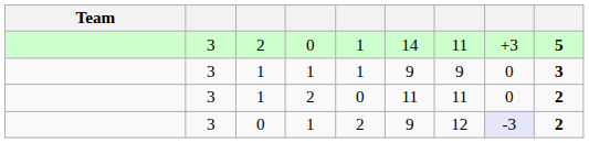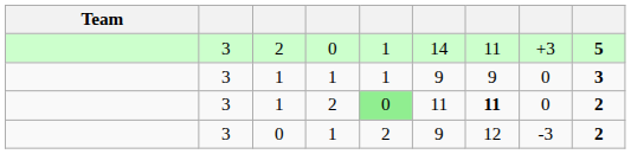 <table class="wikitable" style="text-align:center;">
 <tr>
 <th width=165>Team</th>
 <th width=40></th>
 <th width=40></th>
 <th width=40></th>
 <th width=40></th>
 <th width=40></th>
 <th width=40></th>
 <th width=40></th>
 <th width=40></th>
 </tr>
 <tr bgcolor="ccffcc">
 <td style="text-align:left;"></td>
 <td>3</td>
 <td>2</td>
 <td>0</td>
 <td>1</td>
 <td>14</td>
 <td>11</td>
 <td>+3</td>
 <td><strong>5</strong></td>
 </tr>
 <tr>
 <td style="text-align:left;"></td>
 <td>3</td>
 <td>1</td>
 <td>1</td>
 <td>1</td>
 <td>9</td>
 <td>9</td>
 <td>0</td>
 <td><strong>3</strong></td>
 </tr>
 <tr>
 <td style="text-align:left;"></td>
 <td>3</td>
 <td>1</td>
 <td>2</td>
-<td>0</td>
+<td style="background: lightgreen;">0</td>
 <td>11</td>
-<td>11</td>
+<td><strong>11</strong></td>
 <td>0</td>
 <td><strong>2</strong></td>
 </tr>
 <tr>
 <td style="text-align:left;"></td>
 <td>3</td>
 <td>0</td>
 <td>1</td>
 <td>2</td>
 <td>9</td>
 <td>12</td>
-<td style="background: lavender;">-3</td>
+<td>-3</td>
 <td><strong>2</strong></td>
 </tr>
 </table>
